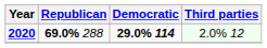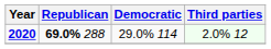 <table class="wikitable" style="float:right; font-size:95%;">
 <tr bgcolor=lightgrey>
 <th>Year</th>
 <th><a href='#'>Republican</a></th>
 <th><a href='#'>Democratic</a></th>
 <th><a href='#'>Third parties</a></th>
 </tr>
 <tr>
 <td style="text-align:center;" ><strong><a href='#'>2020</a></strong></td>
 <td style="text-align:center;" ><strong>69.0%</strong> <em>288</em></td>
-<td style="text-align:center;" ><strong>29.0% <em>114</em></strong></td>
+<td style="text-align:center;" >29.0% <em>114</em></td>
 <td style="text-align:center; background:honeyDew;">2.0% <em>12</em></td>
 </tr>
 <tr>
 </tr>
 </table>
